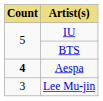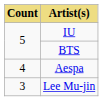 <table class="wikitable" style="text-align:center">
 <tr>
 <th scope="col" style="background-color:#EEDD82">Count</th>
 <th scope="col" style="background-color:#EEDD82">Artist(s)</th>
 </tr>
 <tr>
 <td rowspan="2">5</td>
 <td><a href='#'>IU</a></td>
 </tr>
 <tr>
 <td><a href='#'>BTS</a></td>
 </tr>
 <tr>
-<td><strong>4</strong></td>
+<td>4</td>
 <td><a href='#'>Aespa</a></td>
 </tr>
 <tr>
 <td>3</td>
 <td><a href='#'>Lee Mu-jin</a></td>
 </tr>
 </table>
